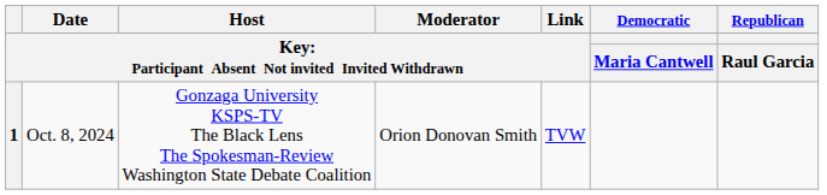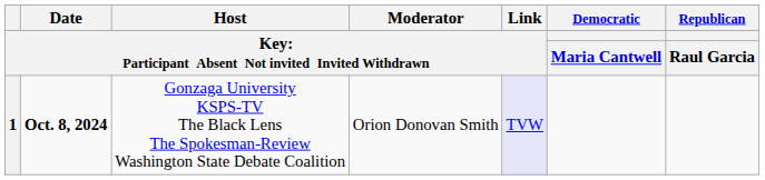 <table class="wikitable" style="text-align:center;">
 <tr>
 <th scope="col"></th>
 <th scope="col">Date</th>
 <th scope="col">Host</th>
 <th scope="col">Moderator</th>
 <th scope="col">Link</th>
 <th scope="col"><small><a href='#'>Democratic</a></small></th>
 <th scope="col"><small><a href='#'>Republican</a></small></th>
 </tr>
 <tr>
 <th colspan="5" rowspan="2">Key:<br> <small>Participant </small>  <small>Absent </small>  <small>Not invited </small>  <small>Invited  Withdrawn</small></th>
 <th scope="col" style="background:"></th>
 <th scope="col" style="background:"></th>
 </tr>
 <tr>
 <th scope="col"><a href='#'>Maria Cantwell</a></th>
 <th scope="col">Raul Garcia</th>
 </tr>
 <tr>
 <th>1</th>
-<td style="white-space:nowrap;">Oct. 8, 2024</td>
+<td style="white-space:nowrap;"><strong>Oct. 8, 2024</strong></td>
 <td style="white-space:nowrap;"><a href='#'>Gonzaga University</a><br><a href='#'>KSPS-TV</a><br>The Black Lens<br><a href='#'>The Spokesman-Review</a><br>Washington State Debate Coalition</td>
 <td style="white-space:nowrap;">Orion Donovan Smith</td>
-<td style="white-space:nowrap;"><a href='#'>TVW</a></td>
+<td style="background: lavender; white-space:nowrap;"><a href='#'>TVW</a></td>
 <td></td>
 <td></td>
 </tr>
 </table>
